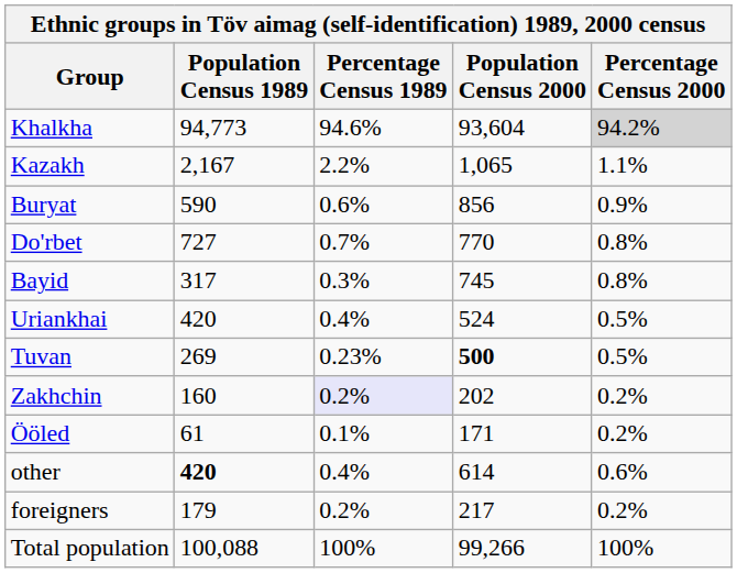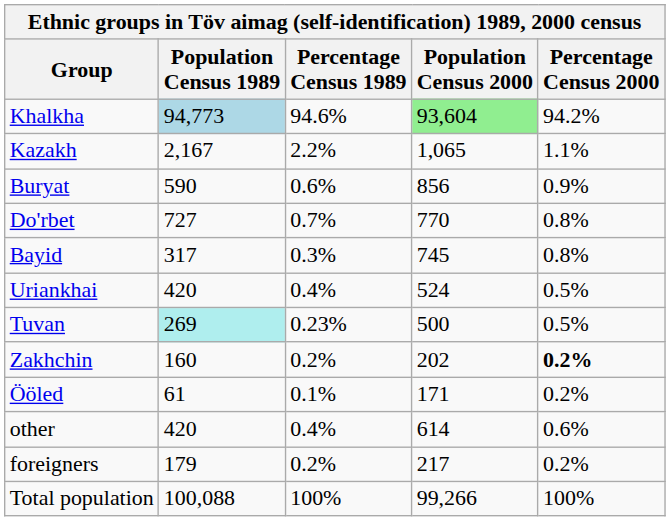 <table class="wikitable">
 <tr>
 <th align=center colspan=5>Ethnic groups in Töv aimag (self-identification) 1989, 2000 census</th>
 </tr>
 <tr>
 <th>Group</th>
 <th>Population <br>Census 1989</th>
 <th>Percentage<br>Census 1989</th>
 <th>Population <br>Census 2000</th>
 <th>Percentage<br>Census 2000</th>
 </tr>
 <tr>
 <td><a href='#'>Khalkha</a></td>
-<td>94,773</td>
+<td style="background: lightblue;">94,773</td>
 <td>94.6%</td>
-<td>93,604</td>
-<td style="background: lightgrey;">94.2%</td>
+<td style="background: lightgreen;">93,604</td>
+<td>94.2%</td>
 </tr>
 <tr>
 <td><a href='#'>Kazakh</a></td>
 <td>2,167</td>
 <td>2.2%</td>
 <td>1,065</td>
 <td>1.1%</td>
 </tr>
 <tr>
 <td><a href='#'>Buryat</a></td>
 <td>590</td>
 <td>0.6%</td>
 <td>856</td>
 <td>0.9%</td>
 </tr>
 <tr>
 <td><a href='#'>Do'rbet</a></td>
 <td>727</td>
 <td>0.7%</td>
 <td>770</td>
 <td>0.8%</td>
 </tr>
 <tr>
 <td><a href='#'>Bayid</a></td>
 <td>317</td>
 <td>0.3%</td>
 <td>745</td>
 <td>0.8%</td>
 </tr>
 <tr>
 <td><a href='#'>Uriankhai</a></td>
 <td>420</td>
 <td>0.4%</td>
 <td>524</td>
 <td>0.5%</td>
 </tr>
 <tr>
 <td><a href='#'>Tuvan</a></td>
-<td>269</td>
+<td style="background: paleturquoise;">269</td>
 <td>0.23%</td>
-<td><strong>500</strong></td>
+<td>500</td>
 <td>0.5%</td>
 </tr>
 <tr>
 <td><a href='#'>Zakhchin</a></td>
 <td>160</td>
-<td style="background: lavender;">0.2%</td>
+<td>0.2%</td>
 <td>202</td>
-<td>0.2%</td>
+<td><strong>0.2%</strong></td>
 </tr>
 <tr>
 <td><a href='#'>Ööled</a></td>
 <td>61</td>
 <td>0.1%</td>
 <td>171</td>
 <td>0.2%</td>
 </tr>
 <tr>
 <td>other</td>
-<td><strong>420</strong></td>
+<td>420</td>
 <td>0.4%</td>
 <td>614</td>
 <td>0.6%</td>
 </tr>
 <tr>
 <td>foreigners</td>
 <td>179</td>
 <td>0.2%</td>
 <td>217</td>
 <td>0.2%</td>
 </tr>
 <tr>
 <td>Total population</td>
 <td>100,088</td>
 <td>100%</td>
 <td>99,266</td>
 <td>100%</td>
 </tr>
 </table>
